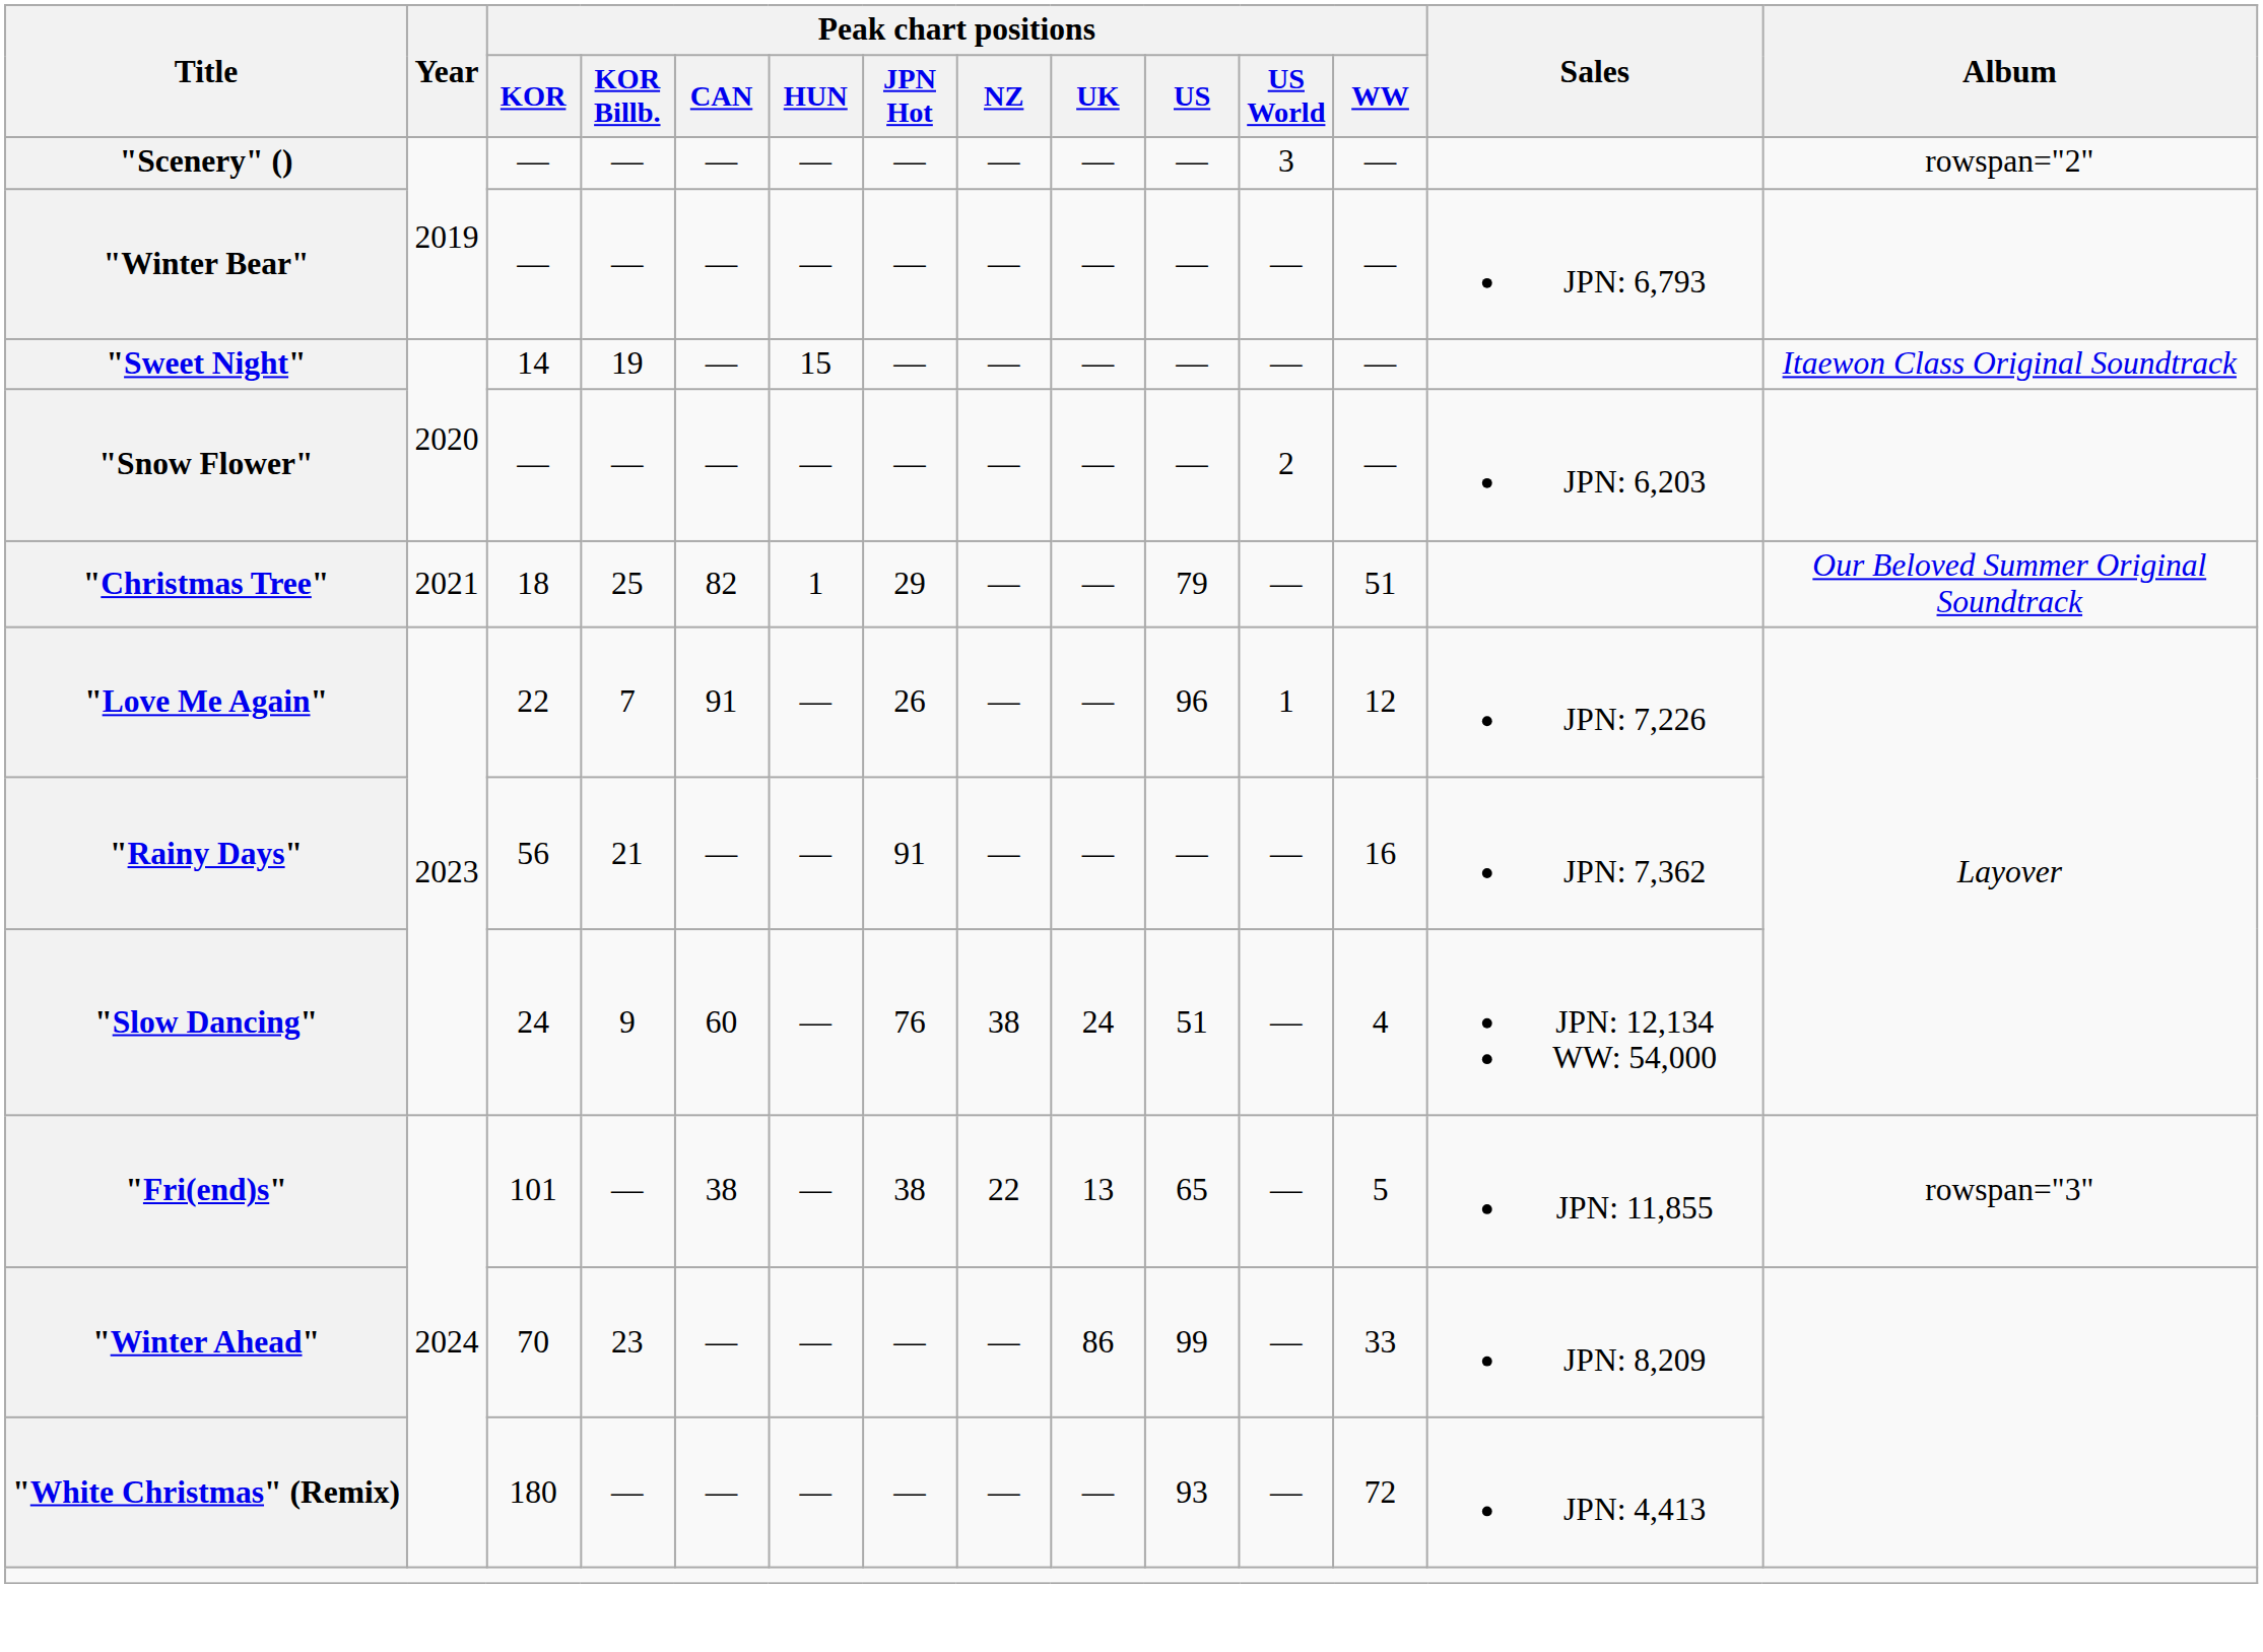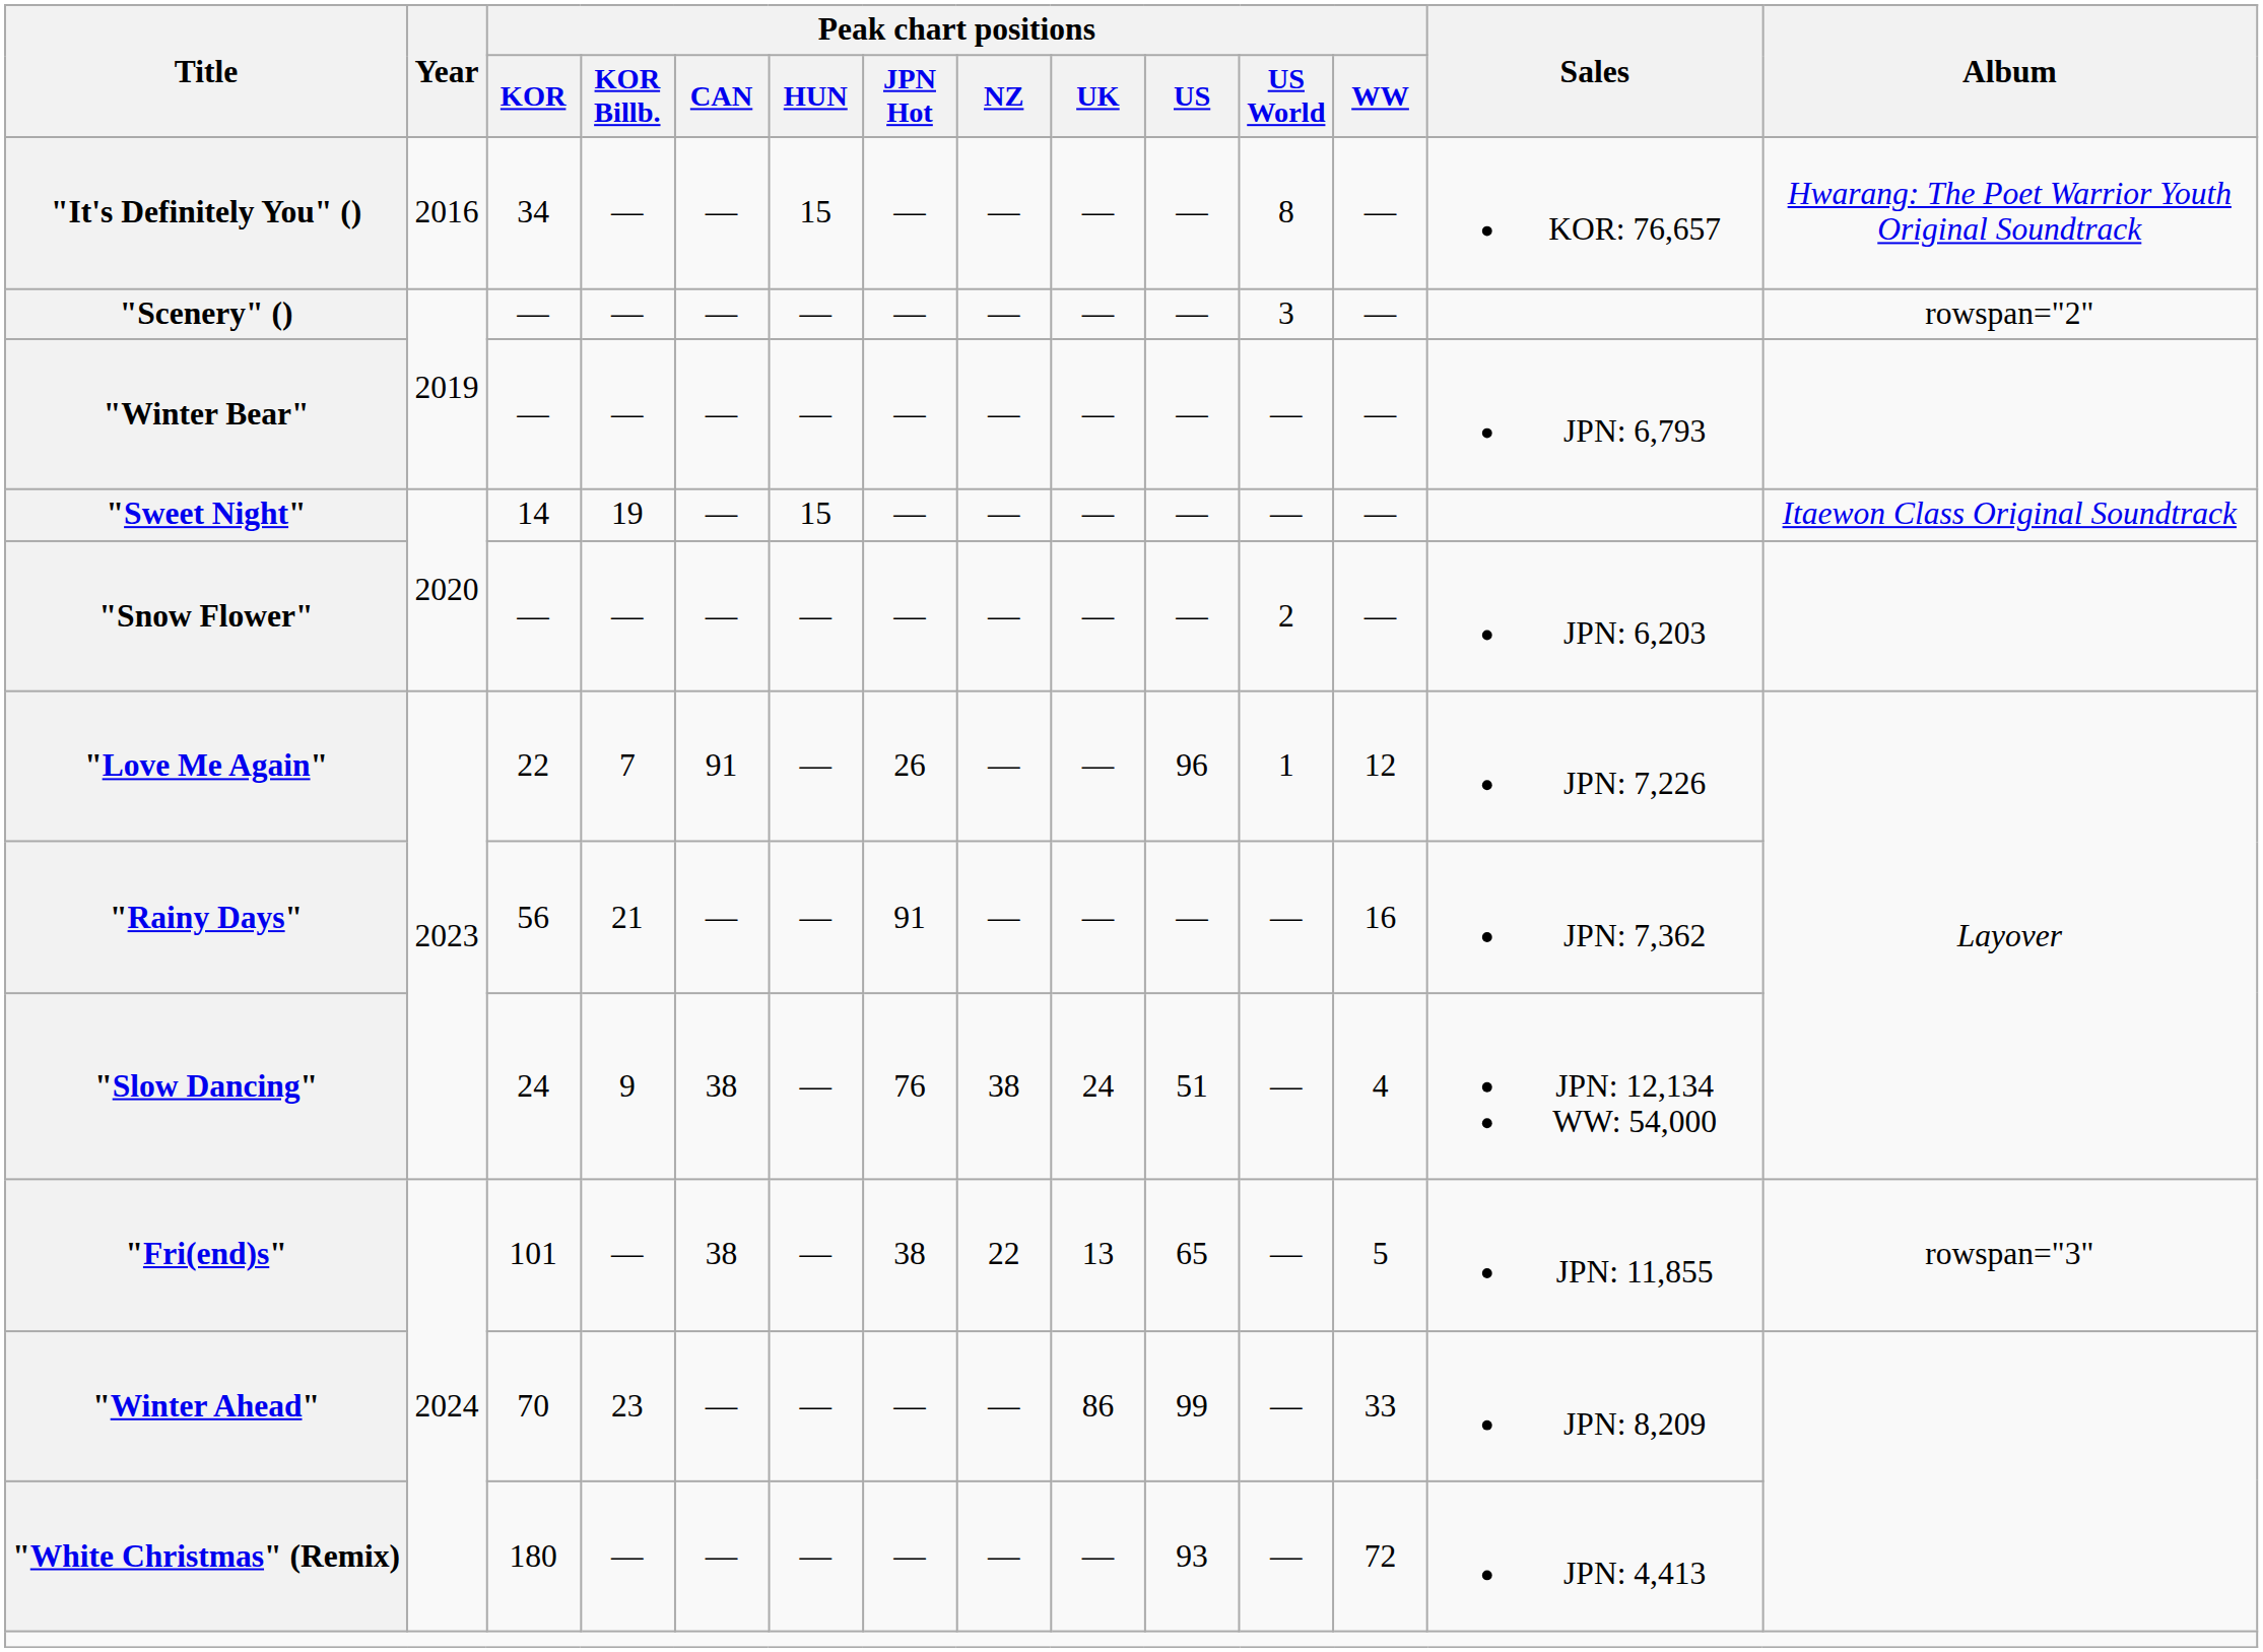 <table class="wikitable plainrowheaders" style="text-align:center;">
 <tr>
 <th scope="col" rowspan="2">Title</th>
 <th scope="col" rowspan="2">Year</th>
 <th scope="col" colspan="10">Peak chart positions</th>
 <th scope="col" rowspan="2" style="width:10em;">Sales</th>
 <th scope="col" rowspan="2" style="width:15em;">Album</th>
 </tr>
 <tr>
 <th scope="col" style="width:2.8em;font-size:90%;"><a href='#'>KOR</a><br></th>
 <th scope="col" style="width:2.8em;font-size:90%;"><a href='#'>KOR<br>Billb.</a><br></th>
 <th scope="col" style="width:2.8em;font-size:90%;"><a href='#'>CAN</a><br></th>
 <th scope="col" style="width:2.8em;font-size:90%;"><a href='#'>HUN</a><br></th>
 <th scope="col" style="width:2.8em;font-size:90%;"><a href='#'>JPN Hot</a><br></th>
 <th scope="col" style="width:2.8em;font-size:90%;"><a href='#'>NZ</a><br></th>
 <th scope="col" style="width:2.8em;font-size:90%;"><a href='#'>UK</a><br></th>
 <th scope="col" style="width:2.8em;font-size:90%;"><a href='#'>US</a><br></th>
 <th scope="col" style="width:2.8em;font-size:90%;"><a href='#'>US World</a><br></th>
 <th scope="col" style="width:2.8em;font-size:90%;"><a href='#'>WW</a><br></th>
+</tr>
+<tr>
+<th scope="row">"It's Definitely You" ()<br></th>
+<td>2016</td>
+<td>34</td>
+<td>—</td>
+<td>—</td>
+<td>15</td>
+<td>—</td>
+<td>—</td>
+<td>—</td>
+<td>—</td>
+<td>8</td>
+<td>—</td>
+<td><br><ul><li>KOR: 76,657</li></ul></td>
+<td><em><a href='#'>Hwarang: The Poet Warrior Youth Original Soundtrack</a></em></td>
 </tr>
 <tr>
 <th scope="row">"Scenery" ()</th>
 <td rowspan="2">2019</td>
 <td>—</td>
 <td>—</td>
 <td>—</td>
 <td>—</td>
 <td>—</td>
 <td>—</td>
 <td>—</td>
 <td>—</td>
 <td>3</td>
 <td>—</td>
 <td></td>
 <td>rowspan="2" </td>
 </tr>
 <tr>
 <th scope="row">"Winter Bear"</th>
 <td>—</td>
 <td>—</td>
 <td>—</td>
 <td>—</td>
 <td>—</td>
 <td>—</td>
 <td>—</td>
 <td>—</td>
 <td>—</td>
 <td>—</td>
 <td><br><ul><li>JPN: 6,793</li></ul></td>
 </tr>
 <tr>
 <th scope="row">"<a href='#'>Sweet Night</a>"</th>
 <td rowspan="2">2020</td>
 <td>14</td>
 <td>19</td>
 <td>—</td>
 <td>15</td>
 <td>—</td>
 <td>—</td>
 <td>—</td>
 <td>—</td>
 <td>—</td>
 <td>—</td>
 <td></td>
 <td><em><a href='#'>Itaewon Class Original Soundtrack</a></em></td>
 </tr>
 <tr>
 <th scope="row">"Snow Flower"<br></th>
 <td>—</td>
 <td>—</td>
 <td>—</td>
 <td>—</td>
 <td>—</td>
 <td>—</td>
 <td>—</td>
 <td>—</td>
 <td>2</td>
 <td>—</td>
 <td><br><ul><li>JPN: 6,203</li></ul></td>
 <td></td>
 </tr>
 <tr>
-<th scope="row">"<a href='#'>Christmas Tree</a>"</th>
-<td>2021</td>
-<td>18</td>
-<td>25</td>
-<td>82</td>
-<td>1</td>
-<td>29</td>
-<td>—</td>
-<td>—</td>
-<td>79</td>
-<td>—</td>
-<td>51</td>
-<td></td>
-<td><em><a href='#'>Our Beloved Summer Original Soundtrack</a></em></td>
-</tr>
-<tr>
 <th scope="row">"<a href='#'>Love Me Again</a>"</th>
 <td rowspan="3">2023</td>
 <td>22</td>
 <td>7</td>
 <td>91</td>
 <td>—</td>
 <td>26</td>
 <td>—</td>
 <td>—</td>
 <td>96</td>
 <td>1</td>
 <td>12</td>
 <td><br><ul><li>JPN: 7,226</li></ul></td>
 <td rowspan="3"><em>Layover</em></td>
 </tr>
 <tr>
 <th scope="row">"<a href='#'>Rainy Days</a>"</th>
 <td>56</td>
 <td>21</td>
 <td>—</td>
 <td>—</td>
 <td>91</td>
 <td>—</td>
 <td>—</td>
 <td>—</td>
 <td>—</td>
 <td>16</td>
 <td><br><ul><li>JPN: 7,362</li></ul></td>
 </tr>
 <tr>
 <th scope="row">"<a href='#'>Slow Dancing</a>"</th>
 <td>24</td>
 <td>9</td>
-<td>60</td>
+<td>38</td>
 <td>—</td>
 <td>76</td>
 <td>38</td>
 <td>24</td>
 <td>51</td>
 <td>—</td>
 <td>4</td>
 <td><br><ul><li>JPN: 12,134</li><li>WW: 54,000</li></ul></td>
 </tr>
 <tr>
 <th scope="row">"<a href='#'>Fri(end)s</a>"</th>
 <td rowspan="3">2024</td>
 <td>101</td>
 <td>—</td>
 <td>38</td>
 <td>—</td>
 <td>38</td>
 <td>22</td>
 <td>13</td>
 <td>65</td>
 <td>—</td>
 <td>5</td>
 <td><br><ul><li>JPN: 11,855</li></ul></td>
 <td>rowspan="3" </td>
 </tr>
 <tr>
 <th scope="row">"<a href='#'>Winter Ahead</a>"<br></th>
 <td>70</td>
 <td>23</td>
 <td>—</td>
 <td>—</td>
 <td>—</td>
 <td>—</td>
 <td>86</td>
 <td>99</td>
 <td>—</td>
 <td>33</td>
 <td><br><ul><li>JPN: 8,209</li></ul></td>
 </tr>
 <tr>
 <th scope="row">"<a href='#'>White Christmas</a>" (Remix)<br></th>
 <td>180</td>
 <td>—</td>
 <td>—</td>
 <td>—</td>
 <td>—</td>
 <td>—</td>
 <td>—</td>
 <td>93</td>
 <td>—</td>
 <td>72</td>
 <td><br><ul><li>JPN: 4,413</li></ul></td>
 </tr>
 <tr>
 <td colspan="14"></td>
 </tr>
 </table>
